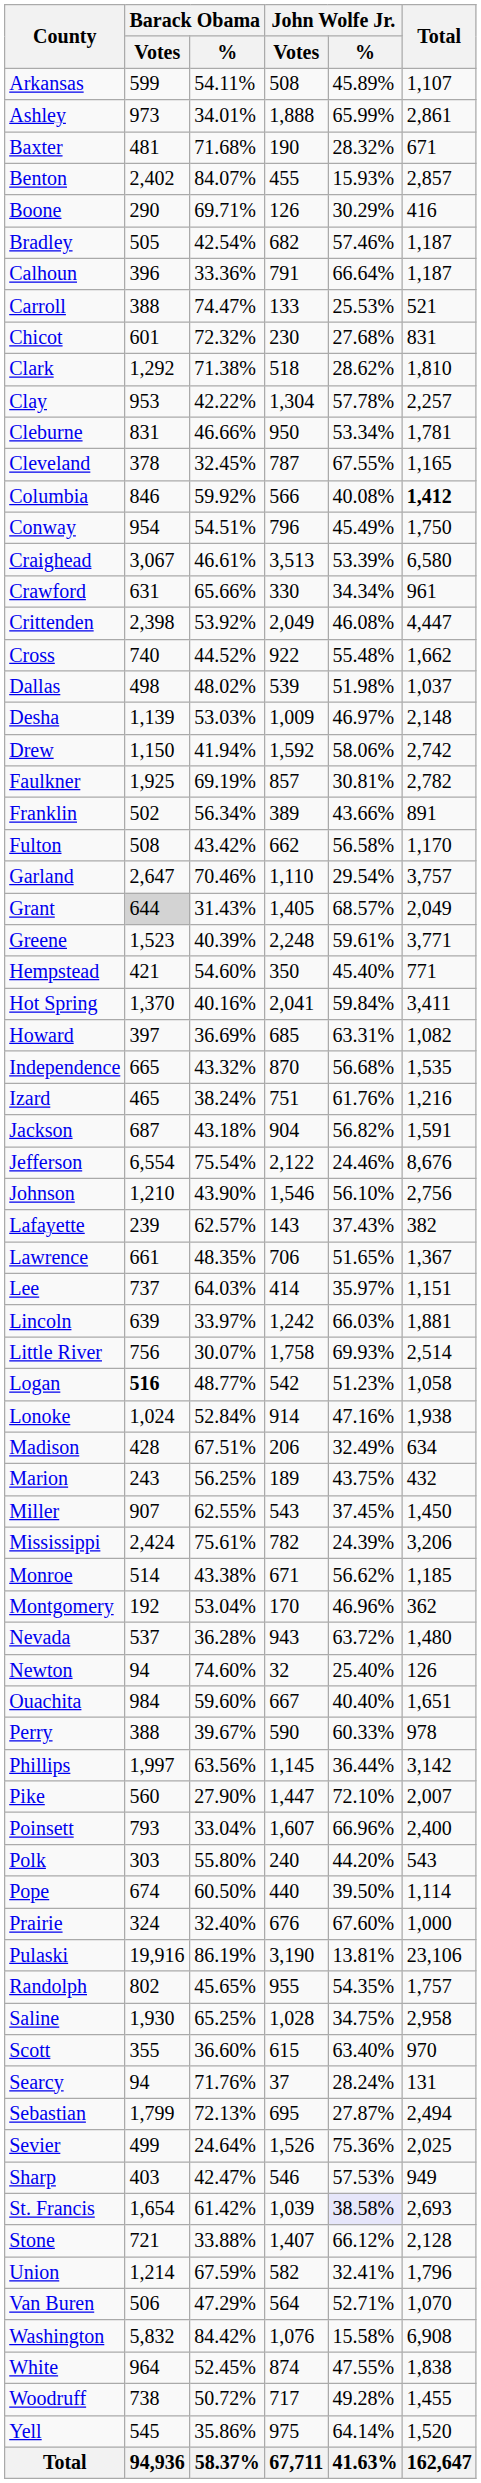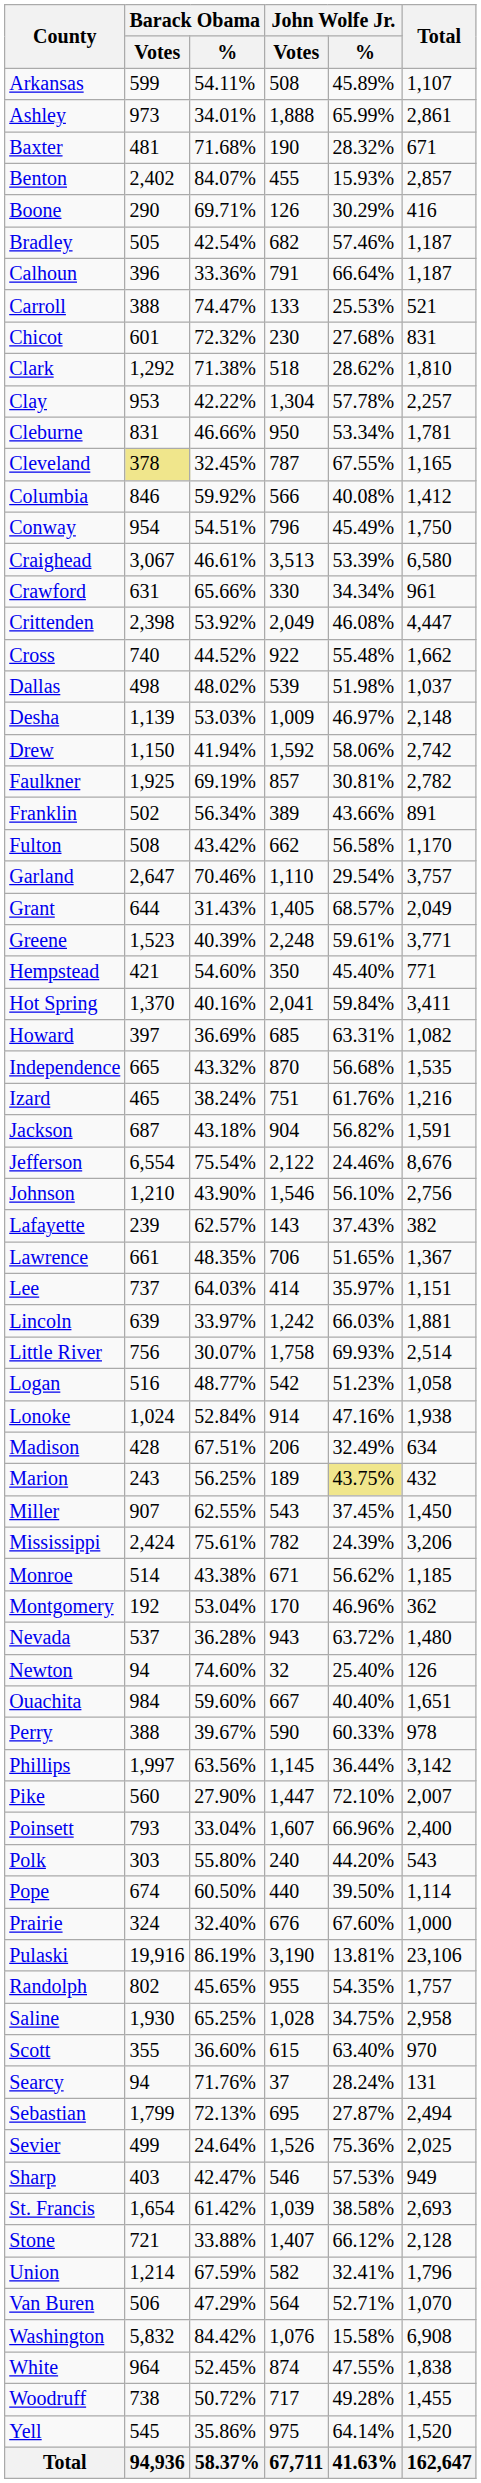 <table class="wikitable sortable mw-collapsible mw-collapsed">
 <tr>
 <th rowspan="2">County</th>
 <th colspan="2">Barack Obama</th>
 <th colspan="2">John Wolfe Jr.</th>
 <th rowspan="2">Total</th>
 </tr>
 <tr>
 <th>Votes</th>
 <th>%</th>
 <th>Votes</th>
 <th>%</th>
 </tr>
 <tr>
 <td><a href='#'>Arkansas</a></td>
 <td>599</td>
 <td>54.11%</td>
 <td>508</td>
 <td>45.89%</td>
 <td>1,107</td>
 </tr>
 <tr>
 <td><a href='#'>Ashley</a></td>
 <td>973</td>
 <td>34.01%</td>
 <td>1,888</td>
 <td>65.99%</td>
 <td>2,861</td>
 </tr>
 <tr>
 <td><a href='#'>Baxter</a></td>
 <td>481</td>
 <td>71.68%</td>
 <td>190</td>
 <td>28.32%</td>
 <td>671</td>
 </tr>
 <tr>
 <td><a href='#'>Benton</a></td>
 <td>2,402</td>
 <td>84.07%</td>
 <td>455</td>
 <td>15.93%</td>
 <td>2,857</td>
 </tr>
 <tr>
 <td><a href='#'>Boone</a></td>
 <td>290</td>
 <td>69.71%</td>
 <td>126</td>
 <td>30.29%</td>
 <td>416</td>
 </tr>
 <tr>
 <td><a href='#'>Bradley</a></td>
 <td>505</td>
 <td>42.54%</td>
 <td>682</td>
 <td>57.46%</td>
 <td>1,187</td>
 </tr>
 <tr>
 <td><a href='#'>Calhoun</a></td>
 <td>396</td>
 <td>33.36%</td>
 <td>791</td>
 <td>66.64%</td>
 <td>1,187</td>
 </tr>
 <tr>
 <td><a href='#'>Carroll</a></td>
 <td>388</td>
 <td>74.47%</td>
 <td>133</td>
 <td>25.53%</td>
 <td>521</td>
 </tr>
 <tr>
 <td><a href='#'>Chicot</a></td>
 <td>601</td>
 <td>72.32%</td>
 <td>230</td>
 <td>27.68%</td>
 <td>831</td>
 </tr>
 <tr>
 <td><a href='#'>Clark</a></td>
 <td>1,292</td>
 <td>71.38%</td>
 <td>518</td>
 <td>28.62%</td>
 <td>1,810</td>
 </tr>
 <tr>
 <td><a href='#'>Clay</a></td>
 <td>953</td>
 <td>42.22%</td>
 <td>1,304</td>
 <td>57.78%</td>
 <td>2,257</td>
 </tr>
 <tr>
 <td><a href='#'>Cleburne</a></td>
 <td>831</td>
 <td>46.66%</td>
 <td>950</td>
 <td>53.34%</td>
 <td>1,781</td>
 </tr>
 <tr>
 <td><a href='#'>Cleveland</a></td>
-<td>378</td>
+<td style="background: khaki;">378</td>
 <td>32.45%</td>
 <td>787</td>
 <td>67.55%</td>
 <td>1,165</td>
 </tr>
 <tr>
 <td><a href='#'>Columbia</a></td>
 <td>846</td>
 <td>59.92%</td>
 <td>566</td>
 <td>40.08%</td>
-<td><strong>1,412</strong></td>
+<td>1,412</td>
 </tr>
 <tr>
 <td><a href='#'>Conway</a></td>
 <td>954</td>
 <td>54.51%</td>
 <td>796</td>
 <td>45.49%</td>
 <td>1,750</td>
 </tr>
 <tr>
 <td><a href='#'>Craighead</a></td>
 <td>3,067</td>
 <td>46.61%</td>
 <td>3,513</td>
 <td>53.39%</td>
 <td>6,580</td>
 </tr>
 <tr>
 <td><a href='#'>Crawford</a></td>
 <td>631</td>
 <td>65.66%</td>
 <td>330</td>
 <td>34.34%</td>
 <td>961</td>
 </tr>
 <tr>
 <td><a href='#'>Crittenden</a></td>
 <td>2,398</td>
 <td>53.92%</td>
 <td>2,049</td>
 <td>46.08%</td>
 <td>4,447</td>
 </tr>
 <tr>
 <td><a href='#'>Cross</a></td>
 <td>740</td>
 <td>44.52%</td>
 <td>922</td>
 <td>55.48%</td>
 <td>1,662</td>
 </tr>
 <tr>
 <td><a href='#'>Dallas</a></td>
 <td>498</td>
 <td>48.02%</td>
 <td>539</td>
 <td>51.98%</td>
 <td>1,037</td>
 </tr>
 <tr>
 <td><a href='#'>Desha</a></td>
 <td>1,139</td>
 <td>53.03%</td>
 <td>1,009</td>
 <td>46.97%</td>
 <td>2,148</td>
 </tr>
 <tr>
 <td><a href='#'>Drew</a></td>
 <td>1,150</td>
 <td>41.94%</td>
 <td>1,592</td>
 <td>58.06%</td>
 <td>2,742</td>
 </tr>
 <tr>
 <td><a href='#'>Faulkner</a></td>
 <td>1,925</td>
 <td>69.19%</td>
 <td>857</td>
 <td>30.81%</td>
 <td>2,782</td>
 </tr>
 <tr>
 <td><a href='#'>Franklin</a></td>
 <td>502</td>
 <td>56.34%</td>
 <td>389</td>
 <td>43.66%</td>
 <td>891</td>
 </tr>
 <tr>
 <td><a href='#'>Fulton</a></td>
 <td>508</td>
 <td>43.42%</td>
 <td>662</td>
 <td>56.58%</td>
 <td>1,170</td>
 </tr>
 <tr>
 <td><a href='#'>Garland</a></td>
 <td>2,647</td>
 <td>70.46%</td>
 <td>1,110</td>
 <td>29.54%</td>
 <td>3,757</td>
 </tr>
 <tr>
 <td><a href='#'>Grant</a></td>
-<td style="background: lightgrey;">644</td>
+<td>644</td>
 <td>31.43%</td>
 <td>1,405</td>
 <td>68.57%</td>
 <td>2,049</td>
 </tr>
 <tr>
 <td><a href='#'>Greene</a></td>
 <td>1,523</td>
 <td>40.39%</td>
 <td>2,248</td>
 <td>59.61%</td>
 <td>3,771</td>
 </tr>
 <tr>
 <td><a href='#'>Hempstead</a></td>
 <td>421</td>
 <td>54.60%</td>
 <td>350</td>
 <td>45.40%</td>
 <td>771</td>
 </tr>
 <tr>
 <td><a href='#'>Hot Spring</a></td>
 <td>1,370</td>
 <td>40.16%</td>
 <td>2,041</td>
 <td>59.84%</td>
 <td>3,411</td>
 </tr>
 <tr>
 <td><a href='#'>Howard</a></td>
 <td>397</td>
 <td>36.69%</td>
 <td>685</td>
 <td>63.31%</td>
 <td>1,082</td>
 </tr>
 <tr>
 <td><a href='#'>Independence</a></td>
 <td>665</td>
 <td>43.32%</td>
 <td>870</td>
 <td>56.68%</td>
 <td>1,535</td>
 </tr>
 <tr>
 <td><a href='#'>Izard</a></td>
 <td>465</td>
 <td>38.24%</td>
 <td>751</td>
 <td>61.76%</td>
 <td>1,216</td>
 </tr>
 <tr>
 <td><a href='#'>Jackson</a></td>
 <td>687</td>
 <td>43.18%</td>
 <td>904</td>
 <td>56.82%</td>
 <td>1,591</td>
 </tr>
 <tr>
 <td><a href='#'>Jefferson</a></td>
 <td>6,554</td>
 <td>75.54%</td>
 <td>2,122</td>
 <td>24.46%</td>
 <td>8,676</td>
 </tr>
 <tr>
 <td><a href='#'>Johnson</a></td>
 <td>1,210</td>
 <td>43.90%</td>
 <td>1,546</td>
 <td>56.10%</td>
 <td>2,756</td>
 </tr>
 <tr>
 <td><a href='#'>Lafayette</a></td>
 <td>239</td>
 <td>62.57%</td>
 <td>143</td>
 <td>37.43%</td>
 <td>382</td>
 </tr>
 <tr>
 <td><a href='#'>Lawrence</a></td>
 <td>661</td>
 <td>48.35%</td>
 <td>706</td>
 <td>51.65%</td>
 <td>1,367</td>
 </tr>
 <tr>
 <td><a href='#'>Lee</a></td>
 <td>737</td>
 <td>64.03%</td>
 <td>414</td>
 <td>35.97%</td>
 <td>1,151</td>
 </tr>
 <tr>
 <td><a href='#'>Lincoln</a></td>
 <td>639</td>
 <td>33.97%</td>
 <td>1,242</td>
 <td>66.03%</td>
 <td>1,881</td>
 </tr>
 <tr>
 <td><a href='#'>Little River</a></td>
 <td>756</td>
 <td>30.07%</td>
 <td>1,758</td>
 <td>69.93%</td>
 <td>2,514</td>
 </tr>
 <tr>
 <td><a href='#'>Logan</a></td>
-<td><strong>516</strong></td>
+<td>516</td>
 <td>48.77%</td>
 <td>542</td>
 <td>51.23%</td>
 <td>1,058</td>
 </tr>
 <tr>
 <td><a href='#'>Lonoke</a></td>
 <td>1,024</td>
 <td>52.84%</td>
 <td>914</td>
 <td>47.16%</td>
 <td>1,938</td>
 </tr>
 <tr>
 <td><a href='#'>Madison</a></td>
 <td>428</td>
 <td>67.51%</td>
 <td>206</td>
 <td>32.49%</td>
 <td>634</td>
 </tr>
 <tr>
 <td><a href='#'>Marion</a></td>
 <td>243</td>
 <td>56.25%</td>
 <td>189</td>
-<td>43.75%</td>
+<td style="background: khaki;">43.75%</td>
 <td>432</td>
 </tr>
 <tr>
 <td><a href='#'>Miller</a></td>
 <td>907</td>
 <td>62.55%</td>
 <td>543</td>
 <td>37.45%</td>
 <td>1,450</td>
 </tr>
 <tr>
 <td><a href='#'>Mississippi</a></td>
 <td>2,424</td>
 <td>75.61%</td>
 <td>782</td>
 <td>24.39%</td>
 <td>3,206</td>
 </tr>
 <tr>
 <td><a href='#'>Monroe</a></td>
 <td>514</td>
 <td>43.38%</td>
 <td>671</td>
 <td>56.62%</td>
 <td>1,185</td>
 </tr>
 <tr>
 <td><a href='#'>Montgomery</a></td>
 <td>192</td>
 <td>53.04%</td>
 <td>170</td>
 <td>46.96%</td>
 <td>362</td>
 </tr>
 <tr>
 <td><a href='#'>Nevada</a></td>
 <td>537</td>
 <td>36.28%</td>
 <td>943</td>
 <td>63.72%</td>
 <td>1,480</td>
 </tr>
 <tr>
 <td><a href='#'>Newton</a></td>
 <td>94</td>
 <td>74.60%</td>
 <td>32</td>
 <td>25.40%</td>
 <td>126</td>
 </tr>
 <tr>
 <td><a href='#'>Ouachita</a></td>
 <td>984</td>
 <td>59.60%</td>
 <td>667</td>
 <td>40.40%</td>
 <td>1,651</td>
 </tr>
 <tr>
 <td><a href='#'>Perry</a></td>
 <td>388</td>
 <td>39.67%</td>
 <td>590</td>
 <td>60.33%</td>
 <td>978</td>
 </tr>
 <tr>
 <td><a href='#'>Phillips</a></td>
 <td>1,997</td>
 <td>63.56%</td>
 <td>1,145</td>
 <td>36.44%</td>
 <td>3,142</td>
 </tr>
 <tr>
 <td><a href='#'>Pike</a></td>
 <td>560</td>
 <td>27.90%</td>
 <td>1,447</td>
 <td>72.10%</td>
 <td>2,007</td>
 </tr>
 <tr>
 <td><a href='#'>Poinsett</a></td>
 <td>793</td>
 <td>33.04%</td>
 <td>1,607</td>
 <td>66.96%</td>
 <td>2,400</td>
 </tr>
 <tr>
 <td><a href='#'>Polk</a></td>
 <td>303</td>
 <td>55.80%</td>
 <td>240</td>
 <td>44.20%</td>
 <td>543</td>
 </tr>
 <tr>
 <td><a href='#'>Pope</a></td>
 <td>674</td>
 <td>60.50%</td>
 <td>440</td>
 <td>39.50%</td>
 <td>1,114</td>
 </tr>
 <tr>
 <td><a href='#'>Prairie</a></td>
 <td>324</td>
 <td>32.40%</td>
 <td>676</td>
 <td>67.60%</td>
 <td>1,000</td>
 </tr>
 <tr>
 <td><a href='#'>Pulaski</a></td>
 <td>19,916</td>
 <td>86.19%</td>
 <td>3,190</td>
 <td>13.81%</td>
 <td>23,106</td>
 </tr>
 <tr>
 <td><a href='#'>Randolph</a></td>
 <td>802</td>
 <td>45.65%</td>
 <td>955</td>
 <td>54.35%</td>
 <td>1,757</td>
 </tr>
 <tr>
 <td><a href='#'>Saline</a></td>
 <td>1,930</td>
 <td>65.25%</td>
 <td>1,028</td>
 <td>34.75%</td>
 <td>2,958</td>
 </tr>
 <tr>
 <td><a href='#'>Scott</a></td>
 <td>355</td>
 <td>36.60%</td>
 <td>615</td>
 <td>63.40%</td>
 <td>970</td>
 </tr>
 <tr>
 <td><a href='#'>Searcy</a></td>
 <td>94</td>
 <td>71.76%</td>
 <td>37</td>
 <td>28.24%</td>
 <td>131</td>
 </tr>
 <tr>
 <td><a href='#'>Sebastian</a></td>
 <td>1,799</td>
 <td>72.13%</td>
 <td>695</td>
 <td>27.87%</td>
 <td>2,494</td>
 </tr>
 <tr>
 <td><a href='#'>Sevier</a></td>
 <td>499</td>
 <td>24.64%</td>
 <td>1,526</td>
 <td>75.36%</td>
 <td>2,025</td>
 </tr>
 <tr>
 <td><a href='#'>Sharp</a></td>
 <td>403</td>
 <td>42.47%</td>
 <td>546</td>
 <td>57.53%</td>
 <td>949</td>
 </tr>
 <tr>
 <td><a href='#'>St. Francis</a></td>
 <td>1,654</td>
 <td>61.42%</td>
 <td>1,039</td>
-<td style="background: lavender;">38.58%</td>
+<td>38.58%</td>
 <td>2,693</td>
 </tr>
 <tr>
 <td><a href='#'>Stone</a></td>
 <td>721</td>
 <td>33.88%</td>
 <td>1,407</td>
 <td>66.12%</td>
 <td>2,128</td>
 </tr>
 <tr>
 <td><a href='#'>Union</a></td>
 <td>1,214</td>
 <td>67.59%</td>
 <td>582</td>
 <td>32.41%</td>
 <td>1,796</td>
 </tr>
 <tr>
 <td><a href='#'>Van Buren</a></td>
 <td>506</td>
 <td>47.29%</td>
 <td>564</td>
 <td>52.71%</td>
 <td>1,070</td>
 </tr>
 <tr>
 <td><a href='#'>Washington</a></td>
 <td>5,832</td>
 <td>84.42%</td>
 <td>1,076</td>
 <td>15.58%</td>
 <td>6,908</td>
 </tr>
 <tr>
 <td><a href='#'>White</a></td>
 <td>964</td>
 <td>52.45%</td>
 <td>874</td>
 <td>47.55%</td>
 <td>1,838</td>
 </tr>
 <tr>
 <td><a href='#'>Woodruff</a></td>
 <td>738</td>
 <td>50.72%</td>
 <td>717</td>
 <td>49.28%</td>
 <td>1,455</td>
 </tr>
 <tr>
 <td><a href='#'>Yell</a></td>
 <td>545</td>
 <td>35.86%</td>
 <td>975</td>
 <td>64.14%</td>
 <td>1,520</td>
 </tr>
 <tr>
 <th>Total</th>
 <th>94,936</th>
 <th>58.37%</th>
 <th>67,711</th>
 <th>41.63%</th>
 <th>162,647</th>
 </tr>
 </table>
